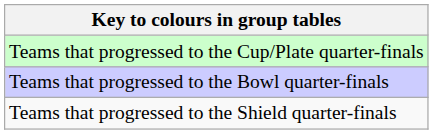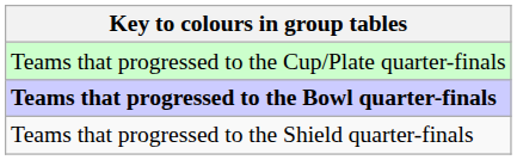 <table class="wikitable">
 <tr>
 <th>Key to colours in group tables</th>
 </tr>
 <tr bgcolor=#ccffcc>
 <td>Teams that progressed to the Cup/Plate quarter-finals</td>
 </tr>
 <tr bgcolor=#ccccff>
-<td>Teams that progressed to the Bowl quarter-finals</td>
+<td><strong>Teams that progressed to the Bowl quarter-finals</strong></td>
 </tr>
 <tr bgcolor=>
 <td>Teams that progressed to the Shield quarter-finals</td>
 </tr>
 </table>
